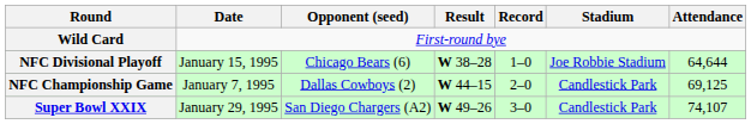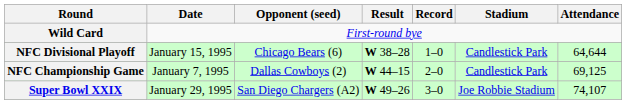 <table class="wikitable" style="text-align:center">
 <tr>
 <th>Round</th>
 <th>Date</th>
 <th>Opponent (seed)</th>
 <th>Result</th>
 <th>Record</th>
 <th>Stadium</th>
 <th>Attendance</th>
 </tr>
 <tr>
 <th>Wild Card</th>
 <td colspan=7><em><a href='#'>First-round bye</a></em></td>
 </tr>
 <tr style="background:#cfc">
 <th>NFC Divisional Playoff</th>
 <td>January 15, 1995</td>
 <td><a href='#'>Chicago Bears</a> (6)</td>
 <td><strong>W</strong> 38–28</td>
 <td>1–0</td>
-<td><a href='#'>Joe Robbie Stadium</a></td>
+<td><a href='#'>Candlestick Park</a></td>
 <td>64,644</td>
 </tr>
 <tr style="background:#cfc">
 <th>NFC Championship Game</th>
 <td>January 7, 1995</td>
 <td><a href='#'>Dallas Cowboys</a> (2)</td>
 <td><strong>W</strong> 44–15</td>
 <td>2–0</td>
 <td><a href='#'>Candlestick Park</a></td>
 <td>69,125</td>
 </tr>
 <tr style="background:#cfc">
 <th><a href='#'>Super Bowl XXIX</a></th>
 <td>January 29, 1995</td>
 <td><a href='#'>San Diego Chargers</a> (A2)</td>
 <td><strong>W</strong> 49–26</td>
 <td>3–0</td>
-<td><a href='#'>Candlestick Park</a></td>
+<td><a href='#'>Joe Robbie Stadium</a></td>
 <td>74,107</td>
 </tr>
 </table>
